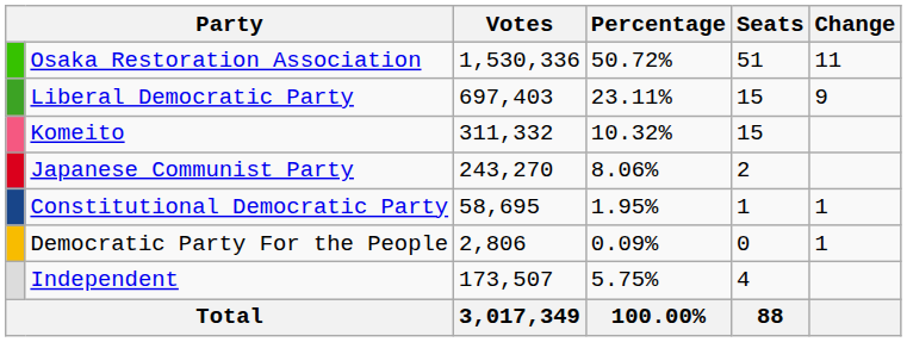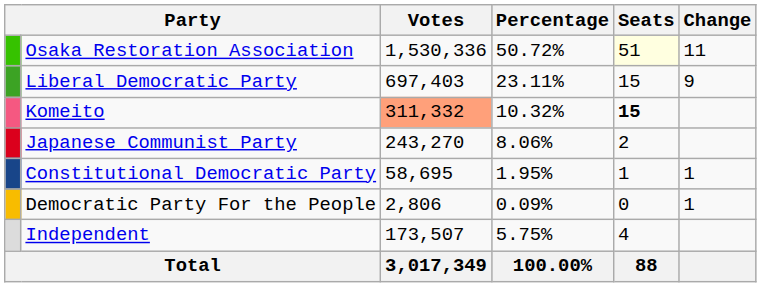 <table class="wikitable">
 <tr>
 <th colspan="2">Party</th>
 <th>Votes</th>
 <th>Percentage</th>
 <th>Seats</th>
 <th>Change</th>
 </tr>
 <tr>
 <td style="background:#36C200;" width="5"></td>
 <td><a href='#'>Osaka Restoration Association</a></td>
 <td>1,530,336</td>
 <td>50.72%</td>
-<td>51</td>
+<td style="background: lightyellow;">51</td>
 <td>11</td>
 </tr>
 <tr>
 <td style="background:#3CA324;" width="5"></td>
 <td><a href='#'>Liberal Democratic Party</a></td>
 <td>697,403</td>
 <td>23.11%</td>
 <td>15</td>
 <td>9</td>
 </tr>
 <tr>
 <td style="background:#F55881;" width="5"></td>
 <td><a href='#'>Komeito</a></td>
-<td>311,332</td>
+<td style="background: lightsalmon;">311,332</td>
 <td>10.32%</td>
-<td>15</td>
+<td><strong>15</strong></td>
 <td></td>
 </tr>
 <tr>
 <td style="background:#DB001C;" width="5"></td>
 <td><a href='#'>Japanese Communist Party</a></td>
 <td>243,270</td>
 <td>8.06%</td>
 <td>2</td>
 <td></td>
 </tr>
 <tr>
 <td style="background:#184589;" width="5"></td>
 <td><a href='#'>Constitutional Democratic Party</a></td>
 <td>58,695</td>
 <td>1.95%</td>
 <td>1</td>
 <td>1</td>
 </tr>
 <tr>
 <td style="background:#F8BC00;" width="5"></td>
 <td>Democratic Party For the People</td>
 <td>2,806</td>
 <td>0.09%</td>
 <td>0</td>
 <td>1</td>
 </tr>
 <tr>
 <td style="background:#DCDCDC;" width="5"></td>
 <td><a href='#'>Independent</a></td>
 <td>173,507</td>
 <td>5.75%</td>
 <td>4</td>
 <td></td>
 </tr>
 <tr>
 <th colspan="2">Total</th>
 <th>3,017,349</th>
 <th>100.00%</th>
 <th>88</th>
 <th></th>
 </tr>
 </table>
